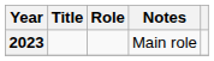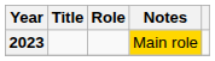 <table class="wikitable plainrowheaders sortable">
 <tr>
 <th scope="col">Year</th>
 <th scope="col">Title</th>
 <th scope="col">Role</th>
 <th scope="col" class="unsortable">Notes</th>
 <th scope="col" class="unsortable"></th>
 </tr>
 <tr>
 <th scope="row">2023</th>
 <td></td>
 <td></td>
-<td>Main role</td>
+<td style="background: gold;">Main role</td>
 <td></td>
 </tr>
 <tr>
 </tr>
 </table>
